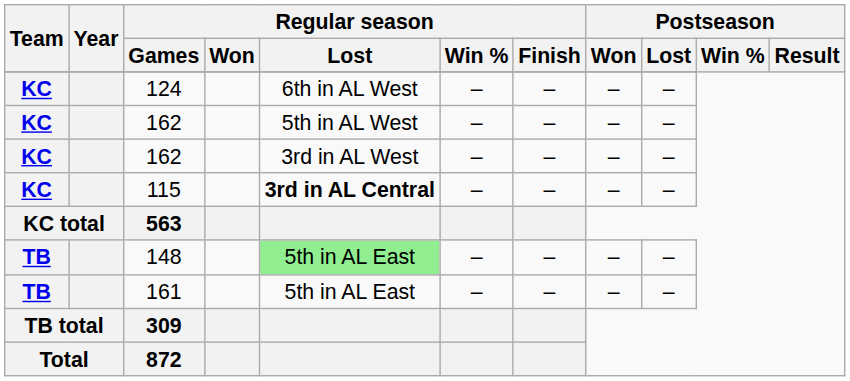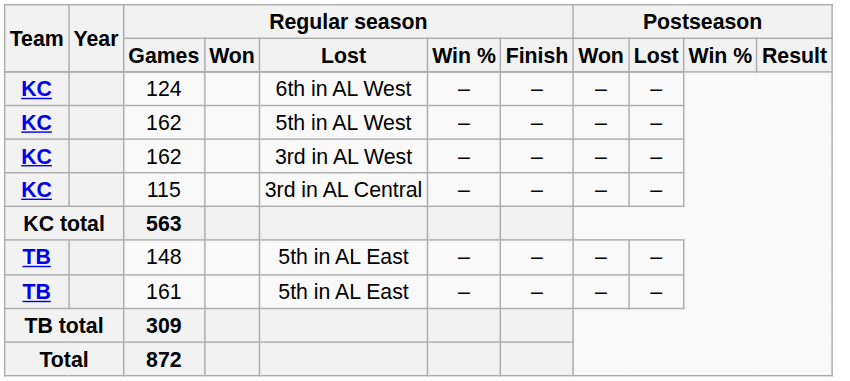 <table class="wikitable" style="font-size: 95%; text-align:center;">
 <tr>
 <th rowspan="2">Team</th>
 <th rowspan="2">Year</th>
 <th colspan="5">Regular season</th>
 <th colspan="4">Postseason</th>
 </tr>
 <tr>
 <th>Games</th>
 <th>Won</th>
 <th>Lost</th>
 <th>Win %</th>
 <th>Finish</th>
 <th>Won</th>
 <th>Lost</th>
 <th>Win %</th>
 <th>Result</th>
 </tr>
 <tr>
 </tr>
 <tr>
 <th><a href='#'>KC</a></th>
 <th></th>
 <td>124</td>
 <td></td>
 <td>6th in AL West</td>
 <td>–</td>
 <td>–</td>
 <td>–</td>
 <td>–</td>
 </tr>
 <tr>
 <th><a href='#'>KC</a></th>
 <th></th>
 <td>162</td>
 <td></td>
 <td>5th in AL West</td>
 <td>–</td>
 <td>–</td>
 <td>–</td>
 <td>–</td>
 </tr>
 <tr>
 <th><a href='#'>KC</a></th>
 <th></th>
 <td>162</td>
 <td></td>
 <td>3rd in AL West</td>
 <td>–</td>
 <td>–</td>
 <td>–</td>
 <td>–</td>
 </tr>
 <tr>
 <th><a href='#'>KC</a></th>
 <th></th>
 <td>115</td>
 <td></td>
-<td><strong>3rd in AL Central</strong></td>
+<td>3rd in AL Central</td>
 <td>–</td>
 <td>–</td>
 <td>–</td>
 <td>–</td>
 </tr>
 <tr>
 <th colspan="2">KC total</th>
 <th>563</th>
 <th></th>
 <th></th>
 <th></th>
 <th></th>
 </tr>
 <tr>
 <th><a href='#'>TB</a></th>
 <th></th>
 <td>148</td>
 <td></td>
-<td style="background: lightgreen;">5th in AL East</td>
+<td>5th in AL East</td>
 <td>–</td>
 <td>–</td>
 <td>–</td>
 <td>–</td>
 </tr>
 <tr>
 <th><a href='#'>TB</a></th>
 <th></th>
 <td>161</td>
 <td></td>
 <td>5th in AL East</td>
 <td>–</td>
 <td>–</td>
 <td>–</td>
 <td>–</td>
 </tr>
 <tr>
 <th colspan="2">TB total</th>
 <th>309</th>
 <th></th>
 <th></th>
 <th></th>
 <th></th>
 </tr>
 <tr>
 <th colspan="2">Total</th>
 <th>872</th>
 <th></th>
 <th></th>
 <th></th>
 <th></th>
 </tr>
 </table>
